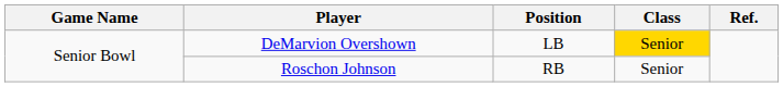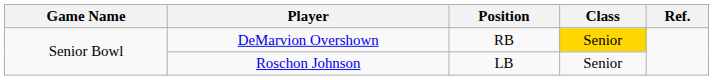 <table class="wikitable" style="width: 60%;text-align: center;">
 <tr>
 <th>Game Name</th>
 <th>Player</th>
 <th>Position</th>
 <th>Class</th>
 <th>Ref.</th>
 </tr>
 <tr align="center">
 <td rowspan="2">Senior Bowl</td>
 <td><a href='#'>DeMarvion Overshown</a></td>
-<td>LB</td>
+<td>RB</td>
 <td style="background: gold;">Senior</td>
 <td rowspan="2"></td>
 </tr>
 <tr align="center">
 <td><a href='#'>Roschon Johnson</a></td>
-<td>RB</td>
+<td>LB</td>
 <td>Senior</td>
 </tr>
 </table>
